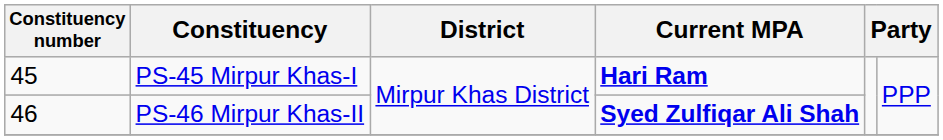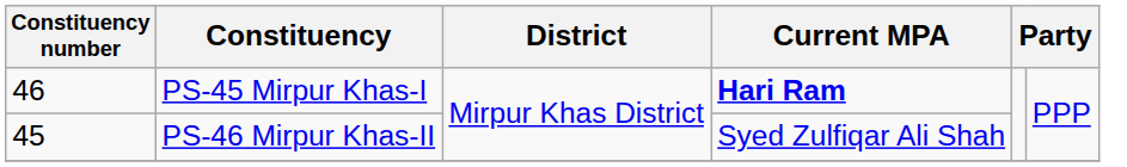 <table class="wikitable">
 <tr>
 <th width="50px" style="font-size:75%">Constituency number</th>
 <th>Constituency</th>
 <th>District</th>
 <th>Current MPA</th>
 <th colspan="2">Party</th>
 </tr>
 <tr>
-<td>45</td>
+<td>46</td>
 <td><a href='#'>PS-45 Mirpur Khas-I</a></td>
 <td rowspan="2"><a href='#'>Mirpur Khas District</a></td>
 <td><strong><a href='#'>Hari Ram</a></strong></td>
 <td rowspan="2"></td>
 <td rowspan="2"><a href='#'>PPP</a></td>
 </tr>
 <tr>
-<td>46</td>
+<td>45</td>
 <td><a href='#'>PS-46 Mirpur Khas-II</a></td>
-<td><strong><a href='#'>Syed Zulfiqar Ali Shah</a></strong></td>
+<td><a href='#'>Syed Zulfiqar Ali Shah</a></td>
 </tr>
 <tr>
 </tr>
 </table>
